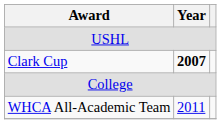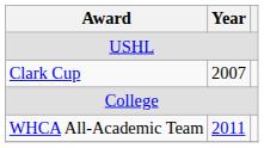 <table class="wikitable">
 <tr>
 <th>Award</th>
 <th>Year</th>
 <th></th>
 </tr>
 <tr ALIGN="center" bgcolor="#e0e0e0">
 <td colspan="3"><a href='#'>USHL</a></td>
 </tr>
 <tr>
 <td><a href='#'>Clark Cup</a></td>
-<td><strong>2007</strong></td>
+<td>2007</td>
 <td></td>
 </tr>
 <tr ALIGN="center" bgcolor="#e0e0e0">
 <td colspan="3"><a href='#'>College</a></td>
 </tr>
 <tr>
 <td><a href='#'>WHCA</a> All-Academic Team</td>
 <td><a href='#'>2011</a></td>
 <td></td>
 </tr>
 <tr>
 </tr>
 </table>
